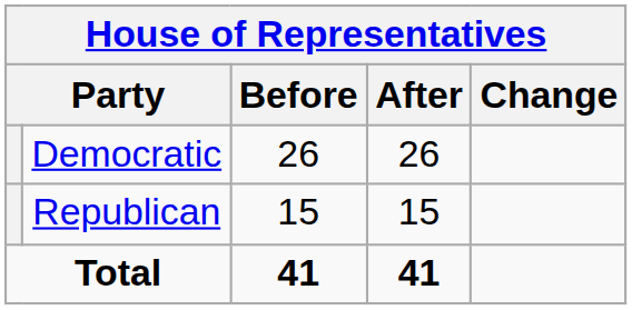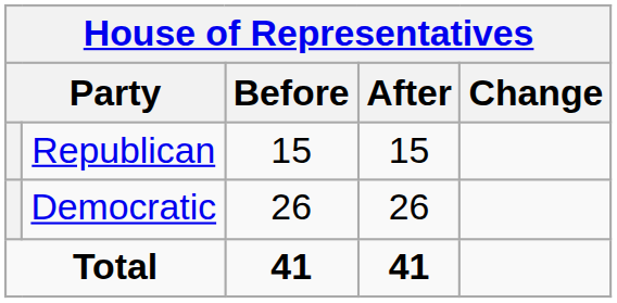 <table class="wikitable" style="text-align:center;">
 <tr>
 <th colspan=5><a href='#'>House of Representatives</a></th>
 </tr>
 <tr>
 <th colspan=2>Party</th>
 <th>Before</th>
 <th>After</th>
 <th>Change</th>
 </tr>
 <tr>
 <th style="background-color:"></th>
-<td><a href='#'>Democratic</a></td>
-<td>26</td>
-<td>26</td>
+<td><a href='#'>Republican</a></td>
+<td>15</td>
+<td>15</td>
 <td></td>
 </tr>
 <tr>
 <th style="background-color:"></th>
-<td><a href='#'>Republican</a></td>
-<td>15</td>
-<td>15</td>
+<td><a href='#'>Democratic</a></td>
+<td>26</td>
+<td>26</td>
 <td></td>
 </tr>
 <tr>
 <td colspan=2><strong>Total</strong></td>
 <td><strong>41</strong></td>
 <td><strong>41</strong></td>
 <td></td>
 </tr>
 </table>
